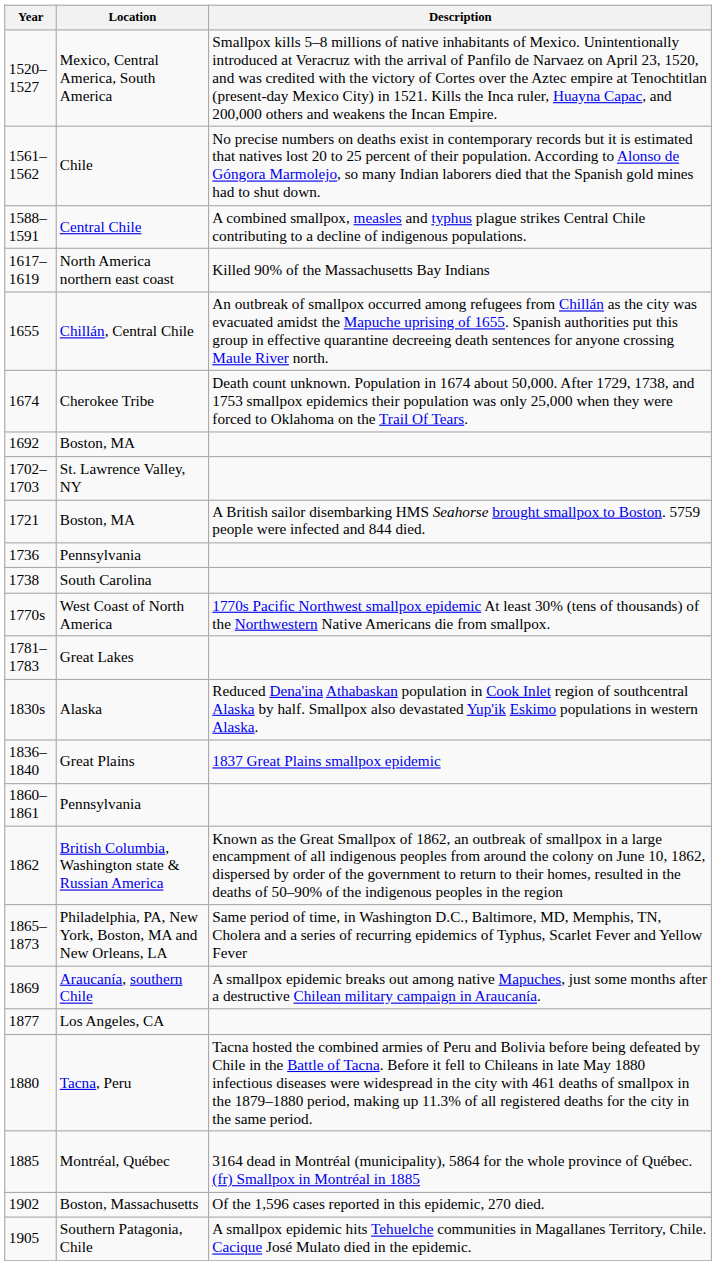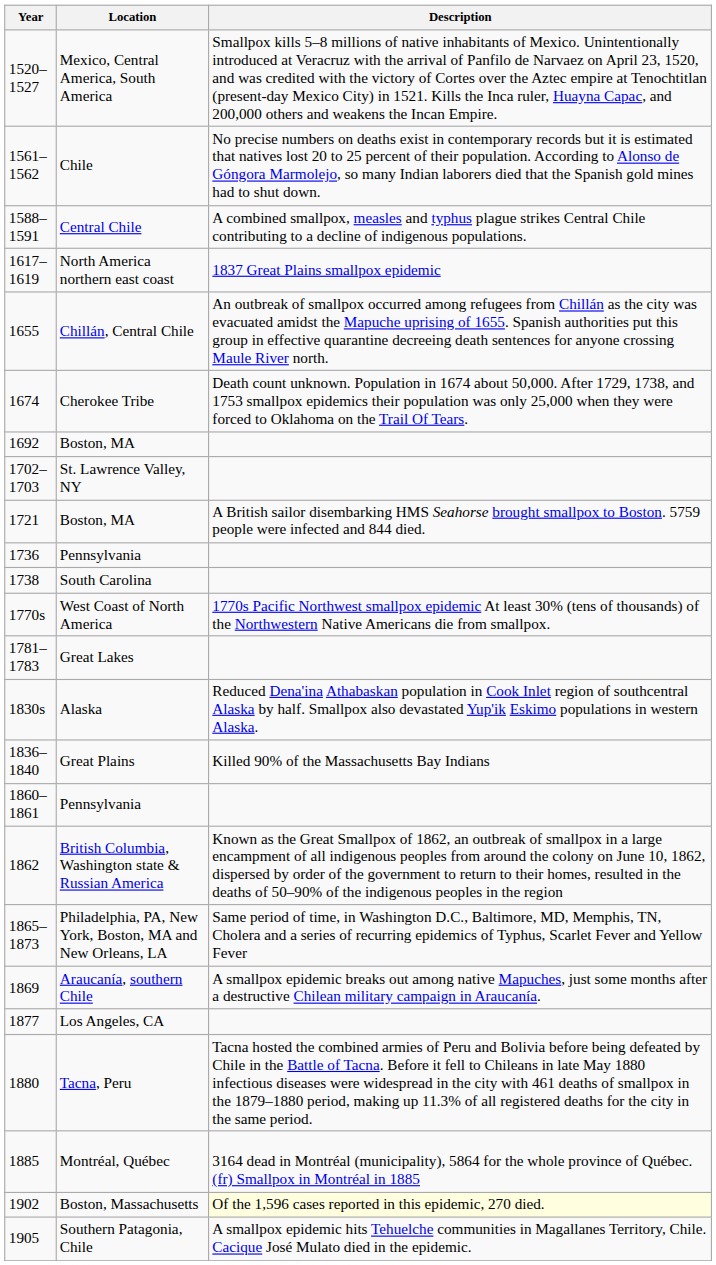 <table class = "wikitable" style = "float:right; font-size:85%; margin-left:15px; width:50%">
 <tr>
 <th><small>Year</small></th>
 <th><small>Location</small></th>
 <th><small>Description</small></th>
 </tr>
 <tr>
 <td align=left>1520–1527</td>
 <td align=left>Mexico, Central America, South America</td>
 <td align=left>Smallpox kills 5–8 millions of native inhabitants of Mexico. Unintentionally introduced at Veracruz with the arrival of Panfilo de Narvaez on April 23, 1520, and was credited with the victory of Cortes over the Aztec empire at Tenochtitlan (present-day Mexico City) in 1521. Kills the Inca ruler, <a href='#'>Huayna Capac</a>, and 200,000 others and weakens the Incan Empire.</td>
 </tr>
 <tr>
 <td align=left>1561–1562</td>
 <td align=left>Chile</td>
 <td align=left>No precise numbers on deaths exist in contemporary records but it is estimated that natives lost 20 to 25 percent of their population. According to <a href='#'>Alonso de Góngora Marmolejo</a>, so many Indian laborers died that the Spanish gold mines had to shut down.</td>
 </tr>
 <tr>
 <td align=left>1588–1591</td>
 <td align=left><a href='#'>Central Chile</a></td>
 <td align=left>A combined smallpox, <a href='#'>measles</a> and <a href='#'>typhus</a> plague strikes Central Chile contributing to a decline of indigenous populations.</td>
 </tr>
 <tr>
 <td align=left>1617–1619</td>
 <td align=left>North America northern east coast</td>
-<td align=left>Killed 90% of the Massachusetts Bay Indians</td>
+<td><a href='#'>1837 Great Plains smallpox epidemic</a></td>
 </tr>
 <tr>
 <td align=left>1655</td>
 <td align=left><a href='#'>Chillán</a>, Central Chile</td>
 <td align=left>An outbreak of smallpox occurred among refugees from <a href='#'>Chillán</a> as the city was evacuated amidst the <a href='#'>Mapuche uprising of 1655</a>. Spanish authorities put this group in effective quarantine decreeing death sentences for anyone crossing <a href='#'>Maule River</a> north.</td>
 </tr>
 <tr>
 <td align=left>1674</td>
 <td align=left>Cherokee Tribe</td>
 <td align=left>Death count unknown. Population in 1674 about 50,000. After 1729, 1738, and 1753 smallpox epidemics their population was only 25,000 when they were forced to Oklahoma on the <a href='#'>Trail Of Tears</a>.</td>
 </tr>
 <tr>
 <td align=left>1692</td>
 <td align=left>Boston, MA</td>
 <td align=left></td>
 </tr>
 <tr>
 <td align=left>1702–1703</td>
 <td align=left>St. Lawrence Valley, NY</td>
 <td align=left></td>
 </tr>
 <tr>
 <td align=left>1721</td>
 <td align=left>Boston, MA</td>
 <td align=left>A British sailor disembarking HMS <em>Seahorse</em> <a href='#'>brought smallpox to Boston</a>. 5759 people were infected and 844 died.</td>
 </tr>
 <tr>
 <td align=left>1736</td>
 <td align=left>Pennsylvania</td>
 <td align=left></td>
 </tr>
 <tr>
 <td align=left>1738</td>
 <td align=left>South Carolina</td>
 <td align=left></td>
 </tr>
 <tr>
 <td align=left>1770s</td>
 <td align=left>West Coast of North America</td>
 <td align=left><a href='#'>1770s Pacific Northwest smallpox epidemic</a> At least 30% (tens of thousands) of the <a href='#'>Northwestern</a> Native Americans die from smallpox.</td>
 </tr>
 <tr>
 <td align=left>1781–1783</td>
 <td align=left>Great Lakes</td>
 <td align=left></td>
 </tr>
 <tr>
 <td align=left>1830s</td>
 <td align=left>Alaska</td>
 <td align=left>Reduced <a href='#'>Dena'ina</a> <a href='#'>Athabaskan</a> population in <a href='#'>Cook Inlet</a> region of southcentral <a href='#'>Alaska</a> by half. Smallpox also devastated <a href='#'>Yup'ik</a> <a href='#'>Eskimo</a> populations in western <a href='#'>Alaska</a>.</td>
 </tr>
 <tr>
 <td>1836–1840</td>
 <td>Great Plains</td>
-<td><a href='#'>1837 Great Plains smallpox epidemic</a></td>
+<td align=left>Killed 90% of the Massachusetts Bay Indians</td>
 </tr>
 <tr>
 <td align=left>1860–1861</td>
 <td align=left>Pennsylvania</td>
 <td align=left></td>
 </tr>
 <tr>
 <td align=left>1862</td>
 <td align=left><a href='#'>British Columbia</a>, Washington state & <a href='#'>Russian America</a></td>
 <td align=left>Known as the Great Smallpox of 1862, an outbreak of smallpox in a large encampment of all indigenous peoples from around the colony on June 10, 1862, dispersed by order of the government to return to their homes, resulted in the deaths of 50–90% of the indigenous peoples in the region</td>
 </tr>
 <tr>
 <td align=left>1865–1873</td>
 <td align=left>Philadelphia, PA, New York, Boston, MA and New Orleans, LA</td>
 <td align=left>Same period of time, in Washington D.C., Baltimore, MD, Memphis, TN, Cholera and a series of recurring epidemics of Typhus, Scarlet Fever and Yellow Fever</td>
 </tr>
 <tr>
 <td align=left>1869</td>
 <td align=left><a href='#'>Araucanía</a>, <a href='#'>southern Chile</a></td>
 <td align=left>A smallpox epidemic breaks out among native <a href='#'>Mapuches</a>, just some months after a destructive <a href='#'>Chilean military campaign in Araucanía</a>.</td>
 </tr>
 <tr>
 <td align=left>1877</td>
 <td align=left>Los Angeles, CA</td>
 <td align=left></td>
 </tr>
 <tr>
 <td align=left>1880</td>
 <td align=left><a href='#'>Tacna</a>, Peru</td>
 <td align=left>Tacna hosted the combined armies of Peru and Bolivia before being defeated by Chile in the <a href='#'>Battle of Tacna</a>. Before it fell to Chileans in late May 1880 infectious diseases were widespread in the city with 461 deaths of smallpox in the 1879–1880 period, making up 11.3% of all registered deaths for the city in the same period.</td>
 </tr>
 <tr>
 <td align=left>1885</td>
 <td align=left>Montréal, Québec</td>
 <td align=left><br>3164 dead in Montréal (municipality), 5864 for the whole province of Québec. <a href='#'>(fr) Smallpox in Montréal in 1885</a></td>
 </tr>
 <tr>
 <td align=left>1902</td>
 <td align=left>Boston, Massachusetts</td>
-<td align=left>Of the 1,596 cases reported in this epidemic, 270 died.</td>
+<td align=left style="background: lightyellow;">Of the 1,596 cases reported in this epidemic, 270 died.</td>
 </tr>
 <tr>
 <td align=left>1905</td>
 <td align=left>Southern Patagonia, Chile</td>
 <td align=left>A smallpox epidemic hits <a href='#'>Tehuelche</a> communities in Magallanes Territory, Chile. <a href='#'>Cacique</a> José Mulato died in the epidemic.</td>
 </tr>
 </table>
